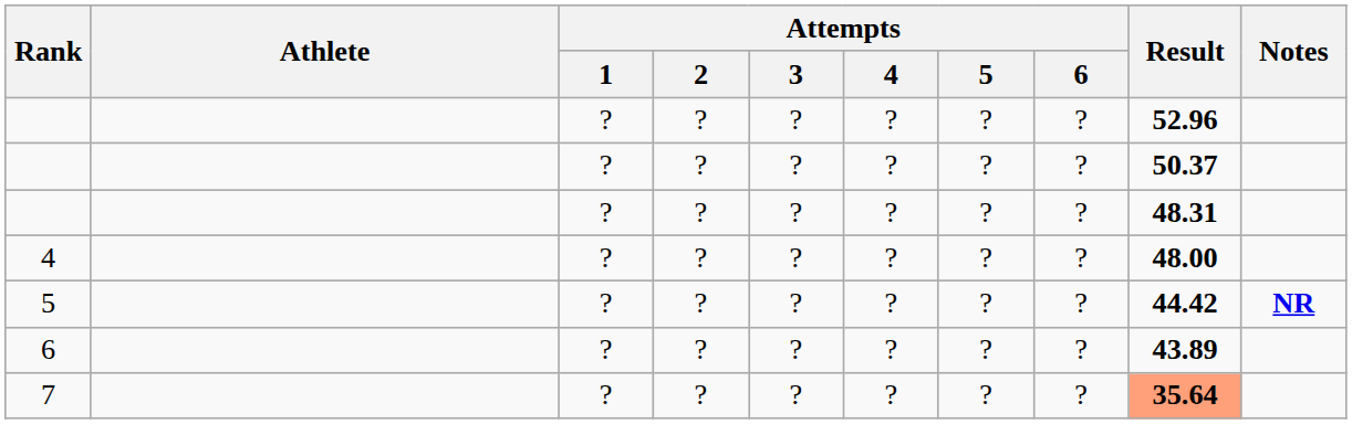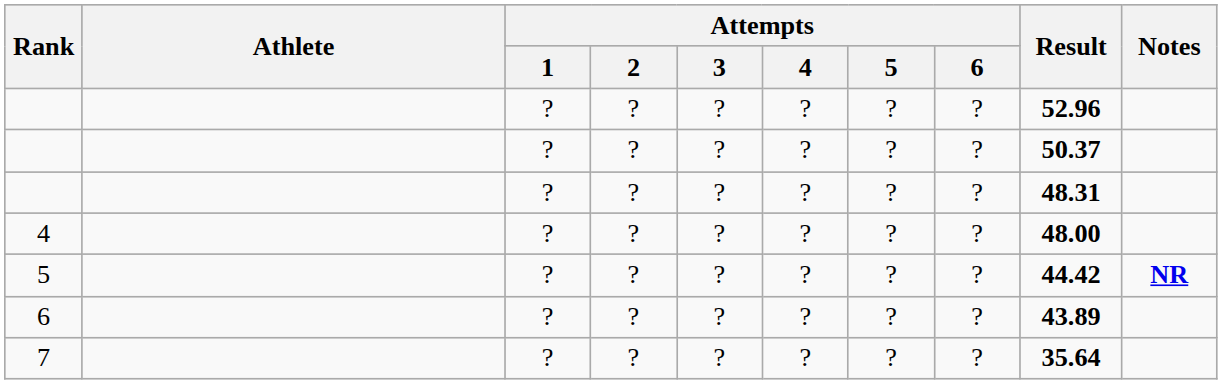 <table class="wikitable" style="text-align:center">
 <tr>
 <th rowspan=2 width=40>Rank</th>
 <th rowspan=2 width=250>Athlete</th>
 <th colspan=6>Attempts</th>
 <th rowspan=2 width=55>Result</th>
 <th rowspan=2 width=50>Notes</th>
 </tr>
 <tr>
 <th width=45>1</th>
 <th width=45>2</th>
 <th width=45>3</th>
 <th width=45>4</th>
 <th width=45>5</th>
 <th width=45>6</th>
 </tr>
 <tr>
 <td></td>
 <td align=left></td>
 <td>?</td>
 <td>?</td>
 <td>?</td>
 <td>?</td>
 <td>?</td>
 <td>?</td>
 <td><strong>52.96</strong></td>
 <td></td>
 </tr>
 <tr>
 <td></td>
 <td align=left></td>
 <td>?</td>
 <td>?</td>
 <td>?</td>
 <td>?</td>
 <td>?</td>
 <td>?</td>
 <td><strong>50.37</strong></td>
 <td></td>
 </tr>
 <tr>
 <td></td>
 <td align=left></td>
 <td>?</td>
 <td>?</td>
 <td>?</td>
 <td>?</td>
 <td>?</td>
 <td>?</td>
 <td><strong>48.31</strong></td>
 <td></td>
 </tr>
 <tr>
 <td>4</td>
 <td align=left></td>
 <td>?</td>
 <td>?</td>
 <td>?</td>
 <td>?</td>
 <td>?</td>
 <td>?</td>
 <td><strong>48.00</strong></td>
 <td></td>
 </tr>
 <tr>
 <td>5</td>
 <td align=left></td>
 <td>?</td>
 <td>?</td>
 <td>?</td>
 <td>?</td>
 <td>?</td>
 <td>?</td>
 <td><strong>44.42</strong></td>
 <td><strong><a href='#'>NR</a></strong></td>
 </tr>
 <tr>
 <td>6</td>
 <td align=left></td>
 <td>?</td>
 <td>?</td>
 <td>?</td>
 <td>?</td>
 <td>?</td>
 <td>?</td>
 <td><strong>43.89</strong></td>
 <td></td>
 </tr>
 <tr>
 <td>7</td>
 <td align=left></td>
 <td>?</td>
 <td>?</td>
 <td>?</td>
 <td>?</td>
 <td>?</td>
 <td>?</td>
-<td style="background: lightsalmon;"><strong>35.64</strong></td>
+<td><strong>35.64</strong></td>
 </tr>
 </table>
